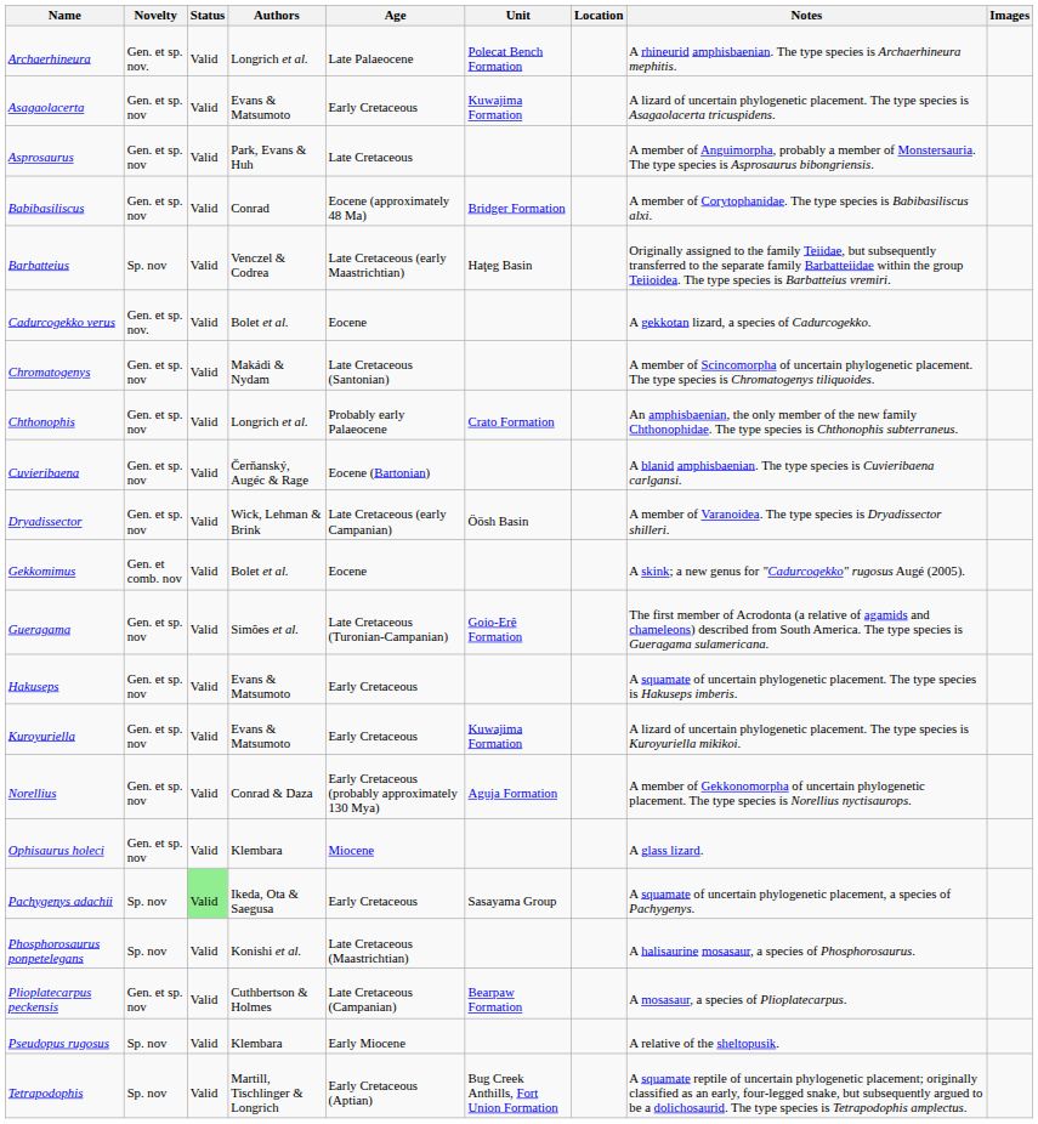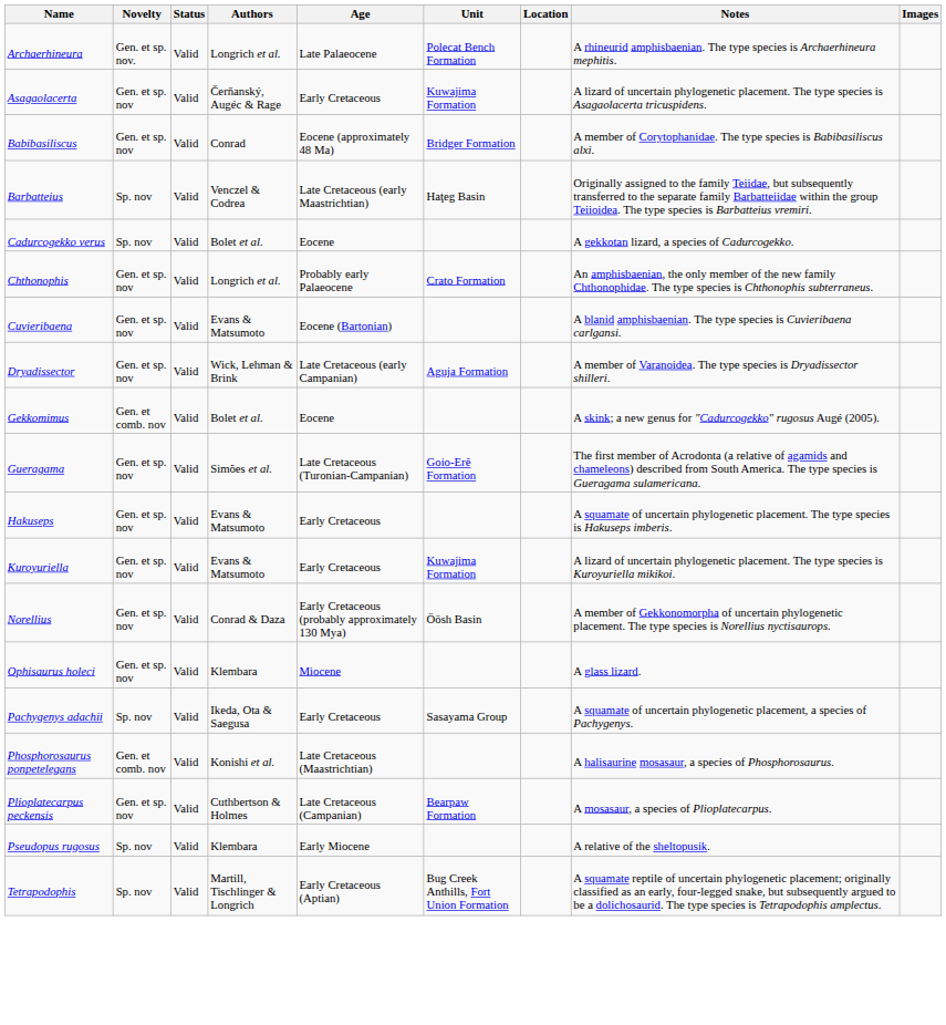 <table class="wikitable sortable"  style="margin:auto; width:100%;">
 <tr>
 <th>Name</th>
 <th>Novelty</th>
 <th>Status</th>
 <th>Authors</th>
 <th>Age</th>
 <th>Unit</th>
 <th>Location</th>
 <th>Notes</th>
 <th>Images</th>
 </tr>
 <tr>
 <td><br><em><a href='#'>Archaerhineura</a></em></td>
 <td><br>Gen. et sp. nov.</td>
 <td><br>Valid</td>
 <td><br>Longrich <em>et al.</em></td>
 <td><br>Late Palaeocene</td>
 <td><br><a href='#'>Polecat Bench Formation</a></td>
 <td><br></td>
 <td><br>A <a href='#'>rhineurid</a> <a href='#'>amphisbaenian</a>. The type species is <em>Archaerhineura mephitis</em>.</td>
 <td></td>
 </tr>
 <tr>
 <td><br><em><a href='#'>Asagaolacerta</a></em></td>
 <td><br>Gen. et sp. nov</td>
 <td><br>Valid</td>
-<td><br>Evans & Matsumoto</td>
+<td><br>Čerňanský, Augéc & Rage</td>
 <td><br>Early Cretaceous</td>
 <td><br><a href='#'>Kuwajima Formation</a></td>
 <td><br></td>
 <td><br>A lizard of uncertain phylogenetic placement. The type species is <em>Asagaolacerta tricuspidens</em>.</td>
-<td></td>
-</tr>
-<tr>
-<td><br><em><a href='#'>Asprosaurus</a></em></td>
-<td><br>Gen. et sp. nov</td>
-<td><br>Valid</td>
-<td><br>Park, Evans & Huh</td>
-<td><br>Late Cretaceous</td>
-<td></td>
-<td><br></td>
-<td><br>A member of <a href='#'>Anguimorpha</a>, probably a member of <a href='#'>Monstersauria</a>. The type species is <em>Asprosaurus bibongriensis</em>.</td>
 <td></td>
 </tr>
 <tr>
 <td><br><em><a href='#'>Babibasiliscus</a></em></td>
 <td><br>Gen. et sp. nov</td>
 <td><br>Valid</td>
 <td><br>Conrad</td>
 <td><br>Eocene (approximately 48 Ma)</td>
 <td><br><a href='#'>Bridger Formation</a></td>
 <td><br></td>
 <td><br>A member of <a href='#'>Corytophanidae</a>. The type species is <em>Babibasiliscus alxi</em>.</td>
 <td></td>
 </tr>
 <tr>
 <td><br><em><a href='#'>Barbatteius</a></em></td>
 <td><br>Sp. nov</td>
 <td><br>Valid</td>
 <td><br>Venczel & Codrea</td>
 <td><br>Late Cretaceous (early Maastrichtian)</td>
 <td><br>Haţeg Basin</td>
 <td><br></td>
 <td><br>Originally assigned to the family <a href='#'>Teiidae</a>, but subsequently transferred to the separate family <a href='#'>Barbatteiidae</a> within the group <a href='#'>Teiioidea</a>. The type species is <em>Barbatteius vremiri</em>.</td>
 <td></td>
 </tr>
 <tr>
 <td><br><em><a href='#'>Cadurcogekko verus</a></em></td>
-<td><br>Gen. et sp. nov.</td>
+<td><br>Sp. nov</td>
 <td><br>Valid</td>
 <td><br>Bolet <em>et al.</em></td>
 <td><br>Eocene</td>
 <td></td>
 <td><br></td>
 <td><br>A <a href='#'>gekkotan</a> lizard, a species of <em>Cadurcogekko</em>.</td>
-<td></td>
-</tr>
-<tr>
-<td><br><em><a href='#'>Chromatogenys</a></em></td>
-<td><br>Gen. et sp. nov</td>
-<td><br>Valid</td>
-<td><br>Makádi & Nydam</td>
-<td><br>Late Cretaceous (Santonian)</td>
-<td></td>
-<td><br></td>
-<td><br>A member of <a href='#'>Scincomorpha</a> of uncertain phylogenetic placement. The type species is <em>Chromatogenys tiliquoides</em>.</td>
 <td></td>
 </tr>
 <tr>
 <td><br><em><a href='#'>Chthonophis</a></em></td>
 <td><br>Gen. et sp. nov</td>
 <td><br>Valid</td>
 <td><br>Longrich <em>et al.</em></td>
 <td><br>Probably early Palaeocene</td>
 <td><br><a href='#'>Crato Formation</a></td>
 <td><br></td>
 <td><br>An <a href='#'>amphisbaenian</a>, the only member of the new family <a href='#'>Chthonophidae</a>. The type species is <em>Chthonophis subterraneus</em>.</td>
 <td></td>
 </tr>
 <tr>
 <td><br><em><a href='#'>Cuvieribaena</a></em></td>
 <td><br>Gen. et sp. nov</td>
 <td><br>Valid</td>
-<td><br>Čerňanský, Augéc & Rage</td>
+<td><br>Evans & Matsumoto</td>
 <td><br>Eocene (<a href='#'>Bartonian</a>)</td>
 <td></td>
 <td><br></td>
 <td><br>A <a href='#'>blanid</a> <a href='#'>amphisbaenian</a>. The type species is <em>Cuvieribaena carlgansi</em>.</td>
 <td></td>
 </tr>
 <tr>
 <td><br><em><a href='#'>Dryadissector</a></em></td>
 <td><br>Gen. et sp. nov</td>
 <td><br>Valid</td>
 <td><br>Wick, Lehman & Brink</td>
 <td><br>Late Cretaceous (early Campanian)</td>
-<td><br>Öösh Basin</td>
+<td><br><a href='#'>Aguja Formation</a></td>
 <td><br></td>
 <td><br>A member of <a href='#'>Varanoidea</a>. The type species is <em>Dryadissector shilleri</em>.</td>
 <td></td>
 </tr>
 <tr>
 <td><br><em><a href='#'>Gekkomimus</a></em></td>
 <td><br>Gen. et comb. nov</td>
 <td><br>Valid</td>
 <td><br>Bolet <em>et al.</em></td>
 <td><br>Eocene</td>
 <td></td>
 <td><br></td>
 <td><br>A <a href='#'>skink</a>; a new genus for <em>"<a href='#'>Cadurcogekko</a>" rugosus</em> Augé (2005).</td>
 <td></td>
 </tr>
 <tr>
 <td><br><em><a href='#'>Gueragama</a></em></td>
 <td><br>Gen. et sp. nov</td>
 <td><br>Valid</td>
 <td><br>Simões <em>et al.</em></td>
 <td><br>Late Cretaceous (Turonian-Campanian)</td>
 <td><br><a href='#'>Goio-Erê Formation</a></td>
 <td><br></td>
 <td><br>The first member of Acrodonta (a relative of <a href='#'>agamids</a> and <a href='#'>chameleons</a>) described from South America. The type species is <em>Gueragama sulamericana</em>.</td>
 <td></td>
 </tr>
 <tr>
 <td><br><em><a href='#'>Hakuseps</a></em></td>
 <td><br>Gen. et sp. nov</td>
 <td><br>Valid</td>
 <td><br>Evans & Matsumoto</td>
 <td><br>Early Cretaceous</td>
 <td></td>
 <td><br></td>
 <td><br>A <a href='#'>squamate</a> of uncertain phylogenetic placement. The type species is <em>Hakuseps imberis</em>.</td>
 <td></td>
 </tr>
 <tr>
 <td><br><em><a href='#'>Kuroyuriella</a></em></td>
 <td><br>Gen. et sp. nov</td>
 <td><br>Valid</td>
 <td><br>Evans & Matsumoto</td>
 <td><br>Early Cretaceous</td>
 <td><br><a href='#'>Kuwajima Formation</a></td>
 <td><br></td>
 <td><br>A lizard of uncertain phylogenetic placement. The type species is <em>Kuroyuriella mikikoi</em>.</td>
 <td></td>
 </tr>
 <tr>
 <td><br><em><a href='#'>Norellius</a></em></td>
 <td><br>Gen. et sp. nov</td>
 <td><br>Valid</td>
 <td><br>Conrad & Daza</td>
 <td><br>Early Cretaceous (probably approximately 130 Mya)</td>
-<td><br><a href='#'>Aguja Formation</a></td>
+<td><br>Öösh Basin</td>
 <td><br></td>
 <td><br>A member of <a href='#'>Gekkonomorpha</a> of uncertain phylogenetic placement. The type species is <em>Norellius nyctisaurops</em>.</td>
 <td></td>
 </tr>
 <tr>
 <td><br><em><a href='#'>Ophisaurus holeci</a></em></td>
 <td><br>Gen. et sp. nov</td>
 <td><br>Valid</td>
 <td><br>Klembara</td>
 <td><br><a href='#'>Miocene</a></td>
 <td></td>
 <td><br><br> </td>
 <td><br>A <a href='#'>glass lizard</a>.</td>
 <td></td>
 </tr>
 <tr>
 <td><br><em><a href='#'>Pachygenys adachii</a></em></td>
 <td><br>Sp. nov</td>
-<td style="background: lightgreen;"><br>Valid</td>
+<td><br>Valid</td>
 <td><br>Ikeda, Ota & Saegusa</td>
 <td><br>Early Cretaceous</td>
 <td><br>Sasayama Group</td>
 <td><br></td>
 <td><br>A <a href='#'>squamate</a> of uncertain phylogenetic placement, a species of <em>Pachygenys</em>.</td>
 <td></td>
 </tr>
 <tr>
 <td><br><em><a href='#'>Phosphorosaurus ponpetelegans</a></em></td>
-<td><br>Sp. nov</td>
+<td><br>Gen. et comb. nov</td>
 <td><br>Valid</td>
 <td><br>Konishi <em>et al.</em></td>
 <td><br>Late Cretaceous (Maastrichtian)</td>
 <td></td>
 <td><br></td>
 <td><br>A <a href='#'>halisaurine</a> <a href='#'>mosasaur</a>, a species of <em>Phosphorosaurus</em>.</td>
 <td></td>
 </tr>
 <tr>
 <td><br><em><a href='#'>Plioplatecarpus peckensis</a></em></td>
 <td><br>Gen. et sp. nov</td>
 <td><br>Valid</td>
 <td><br>Cuthbertson & Holmes</td>
 <td><br>Late Cretaceous (Campanian)</td>
 <td><br><a href='#'>Bearpaw Formation</a></td>
 <td><br></td>
 <td><br>A <a href='#'>mosasaur</a>, a species of <em>Plioplatecarpus</em>.</td>
 <td></td>
 </tr>
 <tr>
 <td><br><em><a href='#'>Pseudopus rugosus</a></em></td>
 <td><br>Sp. nov</td>
 <td><br>Valid</td>
 <td><br>Klembara</td>
 <td><br>Early Miocene</td>
 <td></td>
 <td><br></td>
 <td><br>A relative of the <a href='#'>sheltopusik</a>.</td>
 <td></td>
 </tr>
 <tr>
 <td><br><em><a href='#'>Tetrapodophis</a></em></td>
 <td><br>Sp. nov</td>
 <td><br>Valid</td>
 <td><br>Martill, Tischlinger & Longrich</td>
 <td><br>Early Cretaceous (Aptian)</td>
 <td><br>Bug Creek Anthills, <a href='#'>Fort Union Formation</a></td>
 <td><br></td>
 <td><br>A <a href='#'>squamate</a> reptile of uncertain phylogenetic placement; originally classified as an early, four-legged snake, but subsequently argued to be a <a href='#'>dolichosaurid</a>. The type species is <em>Tetrapodophis amplectus</em>.</td>
 <td></td>
 </tr>
 </table>
